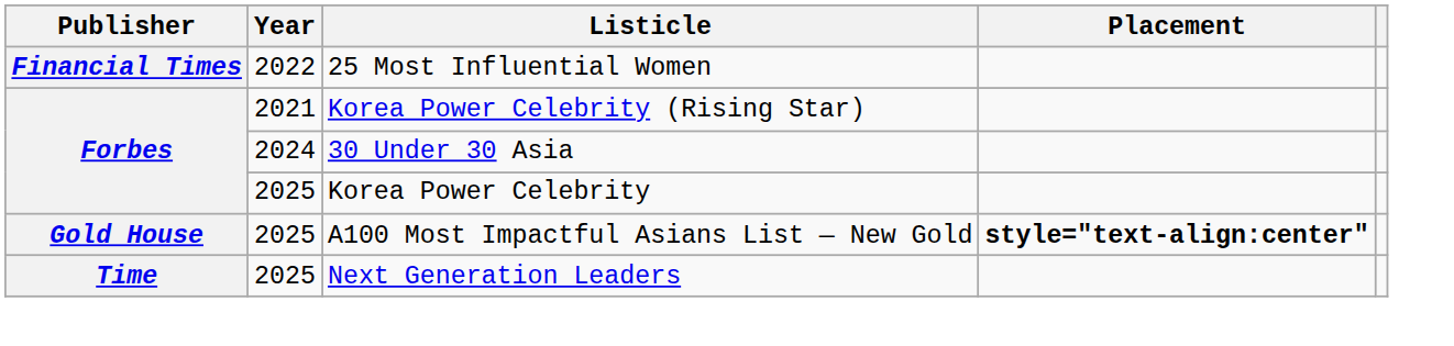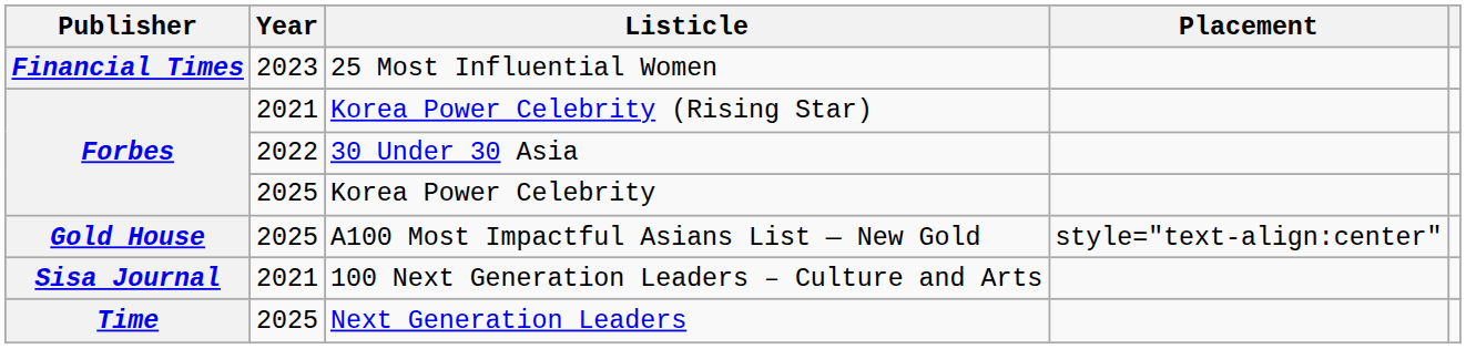 <table class="wikitable plainrowheaders sortable" style="text-align:center">
 <tr>
 <th scope="col">Publisher</th>
 <th scope="col">Year</th>
 <th scope="col">Listicle</th>
 <th scope="col">Placement</th>
 <th scope="col" class="unsortable"></th>
 </tr>
 <tr>
 <th scope="row"><em><a href='#'>Financial Times</a></em></th>
-<td>2022</td>
+<td>2023</td>
 <td style="text-align:left">25 Most Influential Women</td>
 <td></td>
 <td></td>
 </tr>
 <tr>
 <th rowspan="3" scope="row"><em><a href='#'>Forbes</a></em></th>
 <td>2021</td>
 <td style="text-align:left"><a href='#'>Korea Power Celebrity</a> (Rising Star)</td>
 <td></td>
 <td></td>
 </tr>
 <tr>
-<td>2024</td>
+<td>2022</td>
 <td style="text-align:left"><a href='#'>30 Under 30</a> Asia</td>
 <td></td>
 <td></td>
 </tr>
 <tr>
 <td>2025</td>
 <td style="text-align:left">Korea Power Celebrity</td>
 <td></td>
 <td></td>
 </tr>
 <tr>
 <th scope="row"><em><a href='#'>Gold House</a></em> </th>
 <td>2025</td>
 <td style="text-align:left">A100 Most Impactful Asians List — New Gold</td>
-<td><strong>style="text-align:center" </strong></td>
+<td>style="text-align:center" </td>
+<td></td>
+</tr>
+<tr>
+<th scope="row"><em><a href='#'>Sisa Journal</a></em></th>
+<td>2021</td>
+<td style="text-align:left">100 Next Generation Leaders – Culture and Arts</td>
+<td></td>
 <td></td>
 </tr>
 <tr>
 <th scope="row"><em><a href='#'>Time</a></em></th>
 <td>2025</td>
 <td style="text-align:left"><a href='#'>Next Generation Leaders</a></td>
 <td></td>
 <td></td>
 </tr>
 </table>
